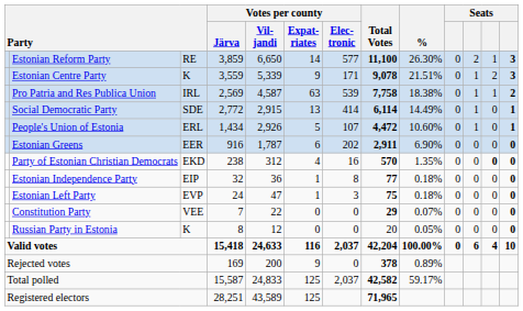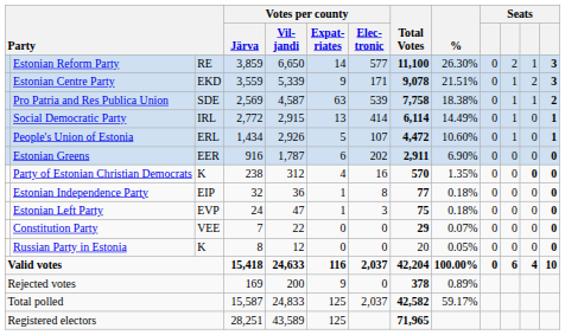 <table class="wikitable" border="1" style="text-align:right;">
 <tr>
 <th style="text-align:left;" valign=bottom rowspan=2 colspan=3>Party</th>
 <th colspan=4>Votes per county</th>
 <th align=center valign=bottom rowspan=2 width="50">Total Votes</th>
 <th align=center valign=bottom rowspan=2 width="50">%</th>
 <th colspan=4>Seats</th>
 </tr>
 <tr>
 <th align=center valign=bottom width="50"><a href='#'>Järva</a></th>
 <th align=center valign=bottom width="50"><a href='#'>Vil- jandi</a></th>
 <th align=center valign=bottom width="50"><a href='#'>Expat- riates</a></th>
 <th align=center valign=bottom width="50"><a href='#'>Elec- tronic</a></th>
 <th align=center valign=bottom width="20"><small></small></th>
 <th align=center valign=bottom width="20"><small></small></th>
 <th align=center valign=bottom width="20"><small></small></th>
 <th align=center valign=bottom width="20"><small></small></th>
 </tr>
 <tr style="background:#CEE0F2;">
 <td style="background:"></td>
 <td align=left><a href='#'>Estonian Reform Party</a></td>
 <td align=left>RE</td>
 <td>3,859</td>
 <td>6,650</td>
 <td>14</td>
 <td>577</td>
 <td><strong>11,100</strong></td>
 <td>26.30%</td>
 <td>0</td>
 <td>2</td>
 <td>1</td>
 <td><strong>3</strong></td>
 </tr>
 <tr style="background:#CEE0F2;">
 <td style="background:"></td>
 <td align=left><a href='#'>Estonian Centre Party</a></td>
-<td align=left>K</td>
+<td align=left>EKD</td>
 <td>3,559</td>
 <td>5,339</td>
 <td>9</td>
 <td>171</td>
 <td><strong>9,078</strong></td>
 <td>21.51%</td>
 <td>0</td>
 <td>1</td>
 <td>2</td>
 <td><strong>3</strong></td>
 </tr>
 <tr style="background:#CEE0F2;">
 <td style="background:"></td>
 <td align=left><a href='#'>Pro Patria and Res Publica Union</a></td>
-<td align=left>IRL</td>
+<td align=left>SDE</td>
 <td>2,569</td>
 <td>4,587</td>
 <td>63</td>
 <td>539</td>
 <td><strong>7,758</strong></td>
 <td>18.38%</td>
 <td>0</td>
 <td>1</td>
 <td>1</td>
 <td><strong>2</strong></td>
 </tr>
 <tr style="background:#CEE0F2;">
 <td style="background:"></td>
 <td align=left><a href='#'>Social Democratic Party</a></td>
-<td align=left>SDE</td>
+<td align=left>IRL</td>
 <td>2,772</td>
 <td>2,915</td>
 <td>13</td>
 <td>414</td>
 <td><strong>6,114</strong></td>
 <td>14.49%</td>
 <td>0</td>
 <td>1</td>
 <td>0</td>
 <td><strong>1</strong></td>
 </tr>
 <tr style="background:#CEE0F2;">
 <td style="background:"></td>
 <td align=left><a href='#'>People's Union of Estonia</a></td>
 <td align=left>ERL</td>
 <td>1,434</td>
 <td>2,926</td>
 <td>5</td>
 <td>107</td>
 <td><strong>4,472</strong></td>
 <td>10.60%</td>
 <td>0</td>
 <td>1</td>
 <td>0</td>
 <td><strong>1</strong></td>
 </tr>
 <tr style="background:#CEE0F2;">
 <td style="background:"></td>
 <td align=left><a href='#'>Estonian Greens</a></td>
 <td align=left>EER</td>
 <td>916</td>
 <td>1,787</td>
 <td>6</td>
 <td>202</td>
 <td><strong>2,911</strong></td>
 <td>6.90%</td>
 <td>0</td>
 <td>0</td>
 <td>0</td>
 <td><strong>0</strong></td>
 </tr>
 <tr>
 <td style="background:"></td>
 <td align=left><a href='#'>Party of Estonian Christian Democrats</a></td>
-<td align=left>EKD</td>
+<td align=left>K</td>
 <td>238</td>
 <td>312</td>
 <td>4</td>
 <td>16</td>
 <td><strong>570</strong></td>
 <td>1.35%</td>
 <td>0</td>
 <td>0</td>
 <td><strong>0</strong></td>
 <td><strong>0</strong></td>
 </tr>
 <tr>
 <td style="background:"></td>
 <td align=left><a href='#'>Estonian Independence Party</a></td>
 <td align=left>EIP</td>
 <td>32</td>
 <td>36</td>
 <td>1</td>
 <td>8</td>
 <td><strong>77</strong></td>
 <td>0.18%</td>
 <td>0</td>
 <td>0</td>
 <td>0</td>
 <td><strong>0</strong></td>
 </tr>
 <tr>
 <td style="background:"></td>
 <td align=left><a href='#'>Estonian Left Party</a></td>
 <td align=left>EVP</td>
 <td>24</td>
 <td>47</td>
 <td>1</td>
 <td>3</td>
 <td><strong>75</strong></td>
 <td>0.18%</td>
 <td>0</td>
 <td>0</td>
 <td>0</td>
 <td><strong>0</strong></td>
 </tr>
 <tr>
 <td style="background:"></td>
 <td align=left><a href='#'>Constitution Party</a></td>
 <td align=left>VEE</td>
 <td>7</td>
 <td>22</td>
 <td>0</td>
 <td>0</td>
 <td><strong>29</strong></td>
 <td>0.07%</td>
 <td>0</td>
 <td>0</td>
 <td>0</td>
 <td><strong>0</strong></td>
 </tr>
 <tr>
 <td></td>
 <td align=left><a href='#'>Russian Party in Estonia</a></td>
 <td align=left>K</td>
 <td>8</td>
 <td>12</td>
 <td>0</td>
 <td>0</td>
 <td>20</td>
 <td>0.05%</td>
 <td>0</td>
 <td>0</td>
 <td>0</td>
 <td><strong>0</strong></td>
 </tr>
 <tr style="font-weight:bold">
 <td align=left colspan=3>Valid votes</td>
 <td>15,418</td>
 <td>24,633</td>
 <td>116</td>
 <td>2,037</td>
 <td>42,204</td>
 <td>100.00%</td>
 <td>0</td>
 <td>6</td>
 <td>4</td>
 <td>10</td>
 </tr>
 <tr>
 <td align=left colspan=3>Rejected votes</td>
 <td>169</td>
 <td>200</td>
 <td>9</td>
 <td>0</td>
 <td><strong>378</strong></td>
 <td>0.89%</td>
 <td></td>
 <td></td>
 <td></td>
 <td></td>
 </tr>
 <tr>
 <td align=left colspan=3>Total polled</td>
 <td>15,587</td>
 <td>24,833</td>
 <td>125</td>
 <td>2,037</td>
 <td><strong>42,582</strong></td>
 <td>59.17%</td>
 <td></td>
 <td></td>
 <td></td>
 <td></td>
 </tr>
 <tr>
 <td align=left colspan=3>Registered electors</td>
 <td>28,251</td>
 <td>43,589</td>
 <td>125</td>
 <td></td>
 <td><strong>71,965</strong></td>
 <td></td>
 <td></td>
 <td></td>
 <td></td>
 <td></td>
 </tr>
 </table>
